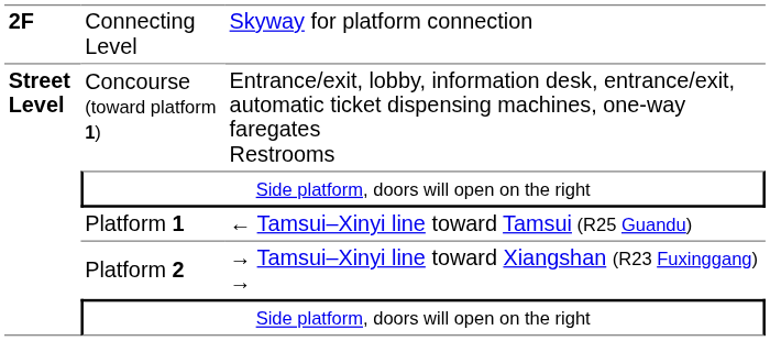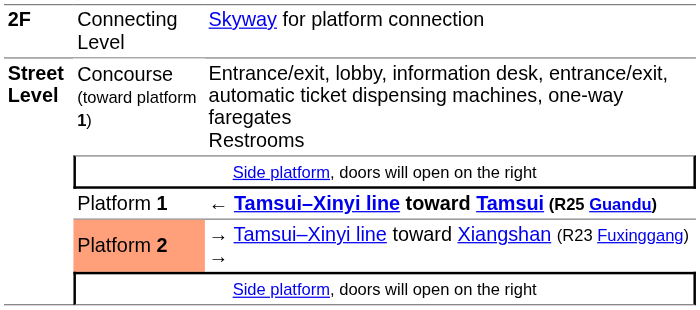 <table table border=0 cellspacing=0 cellpadding=3>
 <tr>
 <td style="border-bottom:solid 1px gray;border-top:solid 1px gray;" width=50 valign=top><strong>2F</strong></td>
 <td style="border-top:solid 1px gray;border-bottom:solid 1px gray;" width=100 valign=top>Connecting Level</td>
 <td style="border-top:solid 1px gray;border-bottom:solid 1px gray;" width=390 valign=top><a href='#'>Skyway</a> for platform connection</td>
 </tr>
 <tr>
 <td style="border-bottom:solid 1px gray;" width=50 rowspan=10 valign=top><strong>Street Level</strong></td>
 </tr>
 <tr>
 <td style="border-top:solid 1px white;" rowspan=2 valign=top>Concourse<br><small>(toward platform <span><strong>1</strong></span>)</small></td>
 </tr>
 <tr>
 <td width=390>Entrance/exit, lobby, information desk, entrance/exit, automatic ticket dispensing machines, one-way faregates<br>Restrooms</td>
 </tr>
 <tr>
 <td style="border-right:solid 2px black;border-left:solid 2px black;border-bottom:solid 2px black;border-top:solid 1px gray;text-align:center;" colspan=2><small><a href='#'>Side platform</a>, doors will open on the right</small></td>
 </tr>
 <tr>
 <td style="border-bottom:solid 1px gray;" width=100>Platform <span><strong>1</strong></span></td>
-<td style="border-bottom:solid 1px gray;" width=390>←  <a href='#'>Tamsui–Xinyi line</a> toward <a href='#'>Tamsui</a><small> (R25 <a href='#'>Guandu</a>)</small></td>
+<td style="border-bottom:solid 1px gray;" width=390><strong>←  <a href='#'>Tamsui–Xinyi line</a> toward <a href='#'>Tamsui</a><small> (R25 <a href='#'>Guandu</a>)</small></strong></td>
 </tr>
 <tr>
-<td>Platform <span><strong>2</strong></span></td>
+<td style="background: lightsalmon;">Platform <span><strong>2</strong></span></td>
 <td><span>→</span>  <a href='#'>Tamsui–Xinyi line</a> toward <a href='#'>Xiangshan</a> <small>(R23 <a href='#'>Fuxinggang</a>)</small> →</td>
 </tr>
 <tr>
 <td style="border-top:solid 2px black;border-right:solid 2px black;border-left:solid 2px black;border-bottom:solid 1px gray;text-align:center;" colspan=2><small><a href='#'>Side platform</a>, doors will open on the right</small></td>
 </tr>
 </table>
